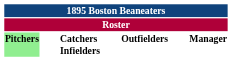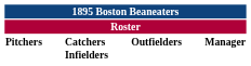 <table class="toccolours" style="font-size: 95%;">
 <tr>
 <th colspan="10" style="background-color: #0f437c; color: white; text-align: center;">1895 Boston Beaneaters</th>
 </tr>
 <tr>
 <td colspan="10" style="background-color:#af0039; color: white; text-align: center;"><strong>Roster</strong></td>
 </tr>
 <tr>
-<td valign="top" style="background: lightgreen;"><strong>Pitchers</strong><br>       </td>
+<td valign="top"><strong>Pitchers</strong><br>       </td>
 <td width="25px"></td>
 <td valign="top"><strong>Catchers</strong><br>   <strong>Infielders</strong>      </td>
 <td width="25px"></td>
 <td valign="top"><strong>Outfielders</strong><br>    </td>
 <td width="25px"></td>
 <td valign="top"><strong>Manager</strong><br></td>
 </tr>
 </table>
